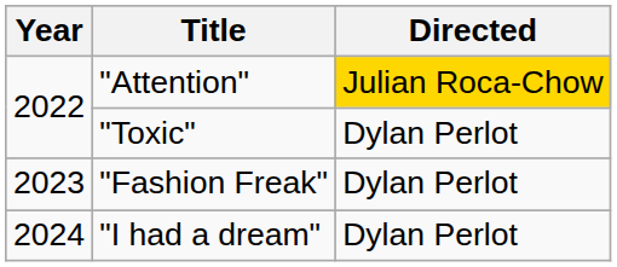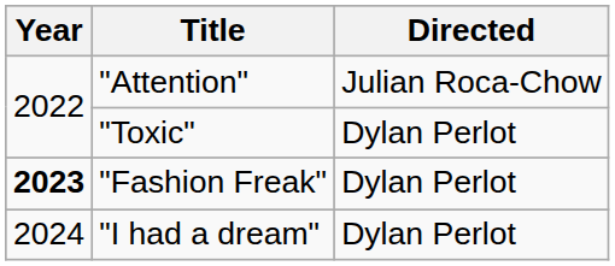 <table class="wikitable">
 <tr>
 <th>Year</th>
 <th>Title</th>
 <th>Directed</th>
 </tr>
 <tr>
 <td rowspan="2">2022</td>
 <td>"Attention"</td>
-<td style="background: gold;">Julian Roca-Chow</td>
+<td>Julian Roca-Chow</td>
 </tr>
 <tr>
 <td>"Toxic"</td>
 <td>Dylan Perlot</td>
 </tr>
 <tr>
-<td rowspan="1">2023</td>
+<td rowspan="1"><strong>2023</strong></td>
 <td>"Fashion Freak"</td>
 <td>Dylan Perlot</td>
 </tr>
 <tr>
 <td rowspan="1">2024</td>
 <td>"I had a dream"</td>
 <td>Dylan Perlot</td>
 </tr>
 </table>
